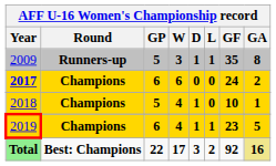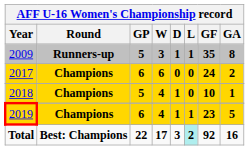 <table class="wikitable" style="text-align: center; font-size:95%;">
 <tr>
 <th colspan=8><a href='#'>AFF U-16 Women's Championship</a> record</th>
 </tr>
 <tr>
 <th>Year</th>
 <th>Round</th>
 <th>GP</th>
 <th>W</th>
 <th>D</th>
 <th>L</th>
 <th>GF</th>
 <th>GA</th>
 </tr>
 <tr style="background:Silver">
 <td> <a href='#'>2009</a></td>
 <td><strong>Runners-up</strong></td>
 <td><strong>5</strong></td>
 <td><strong>3</strong></td>
 <td><strong>1</strong></td>
 <td><strong>1</strong></td>
 <td><strong>35</strong></td>
 <td><strong>8</strong></td>
 </tr>
 <tr style="background:gold;">
-<td><strong> <a href='#'>2017</a></strong></td>
+<td> <a href='#'>2017</a></td>
 <td><strong>Champions</strong></td>
 <td><strong>6</strong></td>
 <td><strong>6</strong></td>
 <td><strong>0</strong></td>
 <td><strong>0</strong></td>
 <td><strong>24</strong></td>
 <td><strong>2</strong></td>
 </tr>
 <tr>
 </tr>
 <tr style="background:gold;">
 <td> <a href='#'>2018</a></td>
 <td><strong>Champions</strong></td>
 <td><strong>5</strong></td>
 <td><strong>4</strong></td>
 <td><strong>1</strong></td>
 <td><strong>0</strong></td>
 <td><strong>10</strong></td>
 <td><strong>1</strong></td>
 </tr>
 <tr>
 </tr>
 <tr style="background:gold;">
 <td style="border: 3px solid red"> <a href='#'>2019</a></td>
 <td><strong>Champions</strong></td>
 <td><strong>6</strong></td>
 <td><strong>4</strong></td>
 <td><strong>1</strong></td>
 <td><strong>1</strong></td>
 <td><strong>23</strong></td>
 <td><strong>5</strong></td>
 </tr>
 <tr>
-<td style="background: lightgreen;"><strong>Total</strong></td>
+<td><strong>Total</strong></td>
 <td><strong>Best: Champions</strong></td>
 <td><strong>22</strong></td>
 <td><strong>17</strong></td>
 <td><strong>3</strong></td>
-<td><strong>2</strong></td>
+<td style="background: paleturquoise;"><strong>2</strong></td>
 <td><strong>92</strong></td>
-<td style="background: khaki;"><strong>16</strong></td>
+<td><strong>16</strong></td>
 </tr>
 </table>
